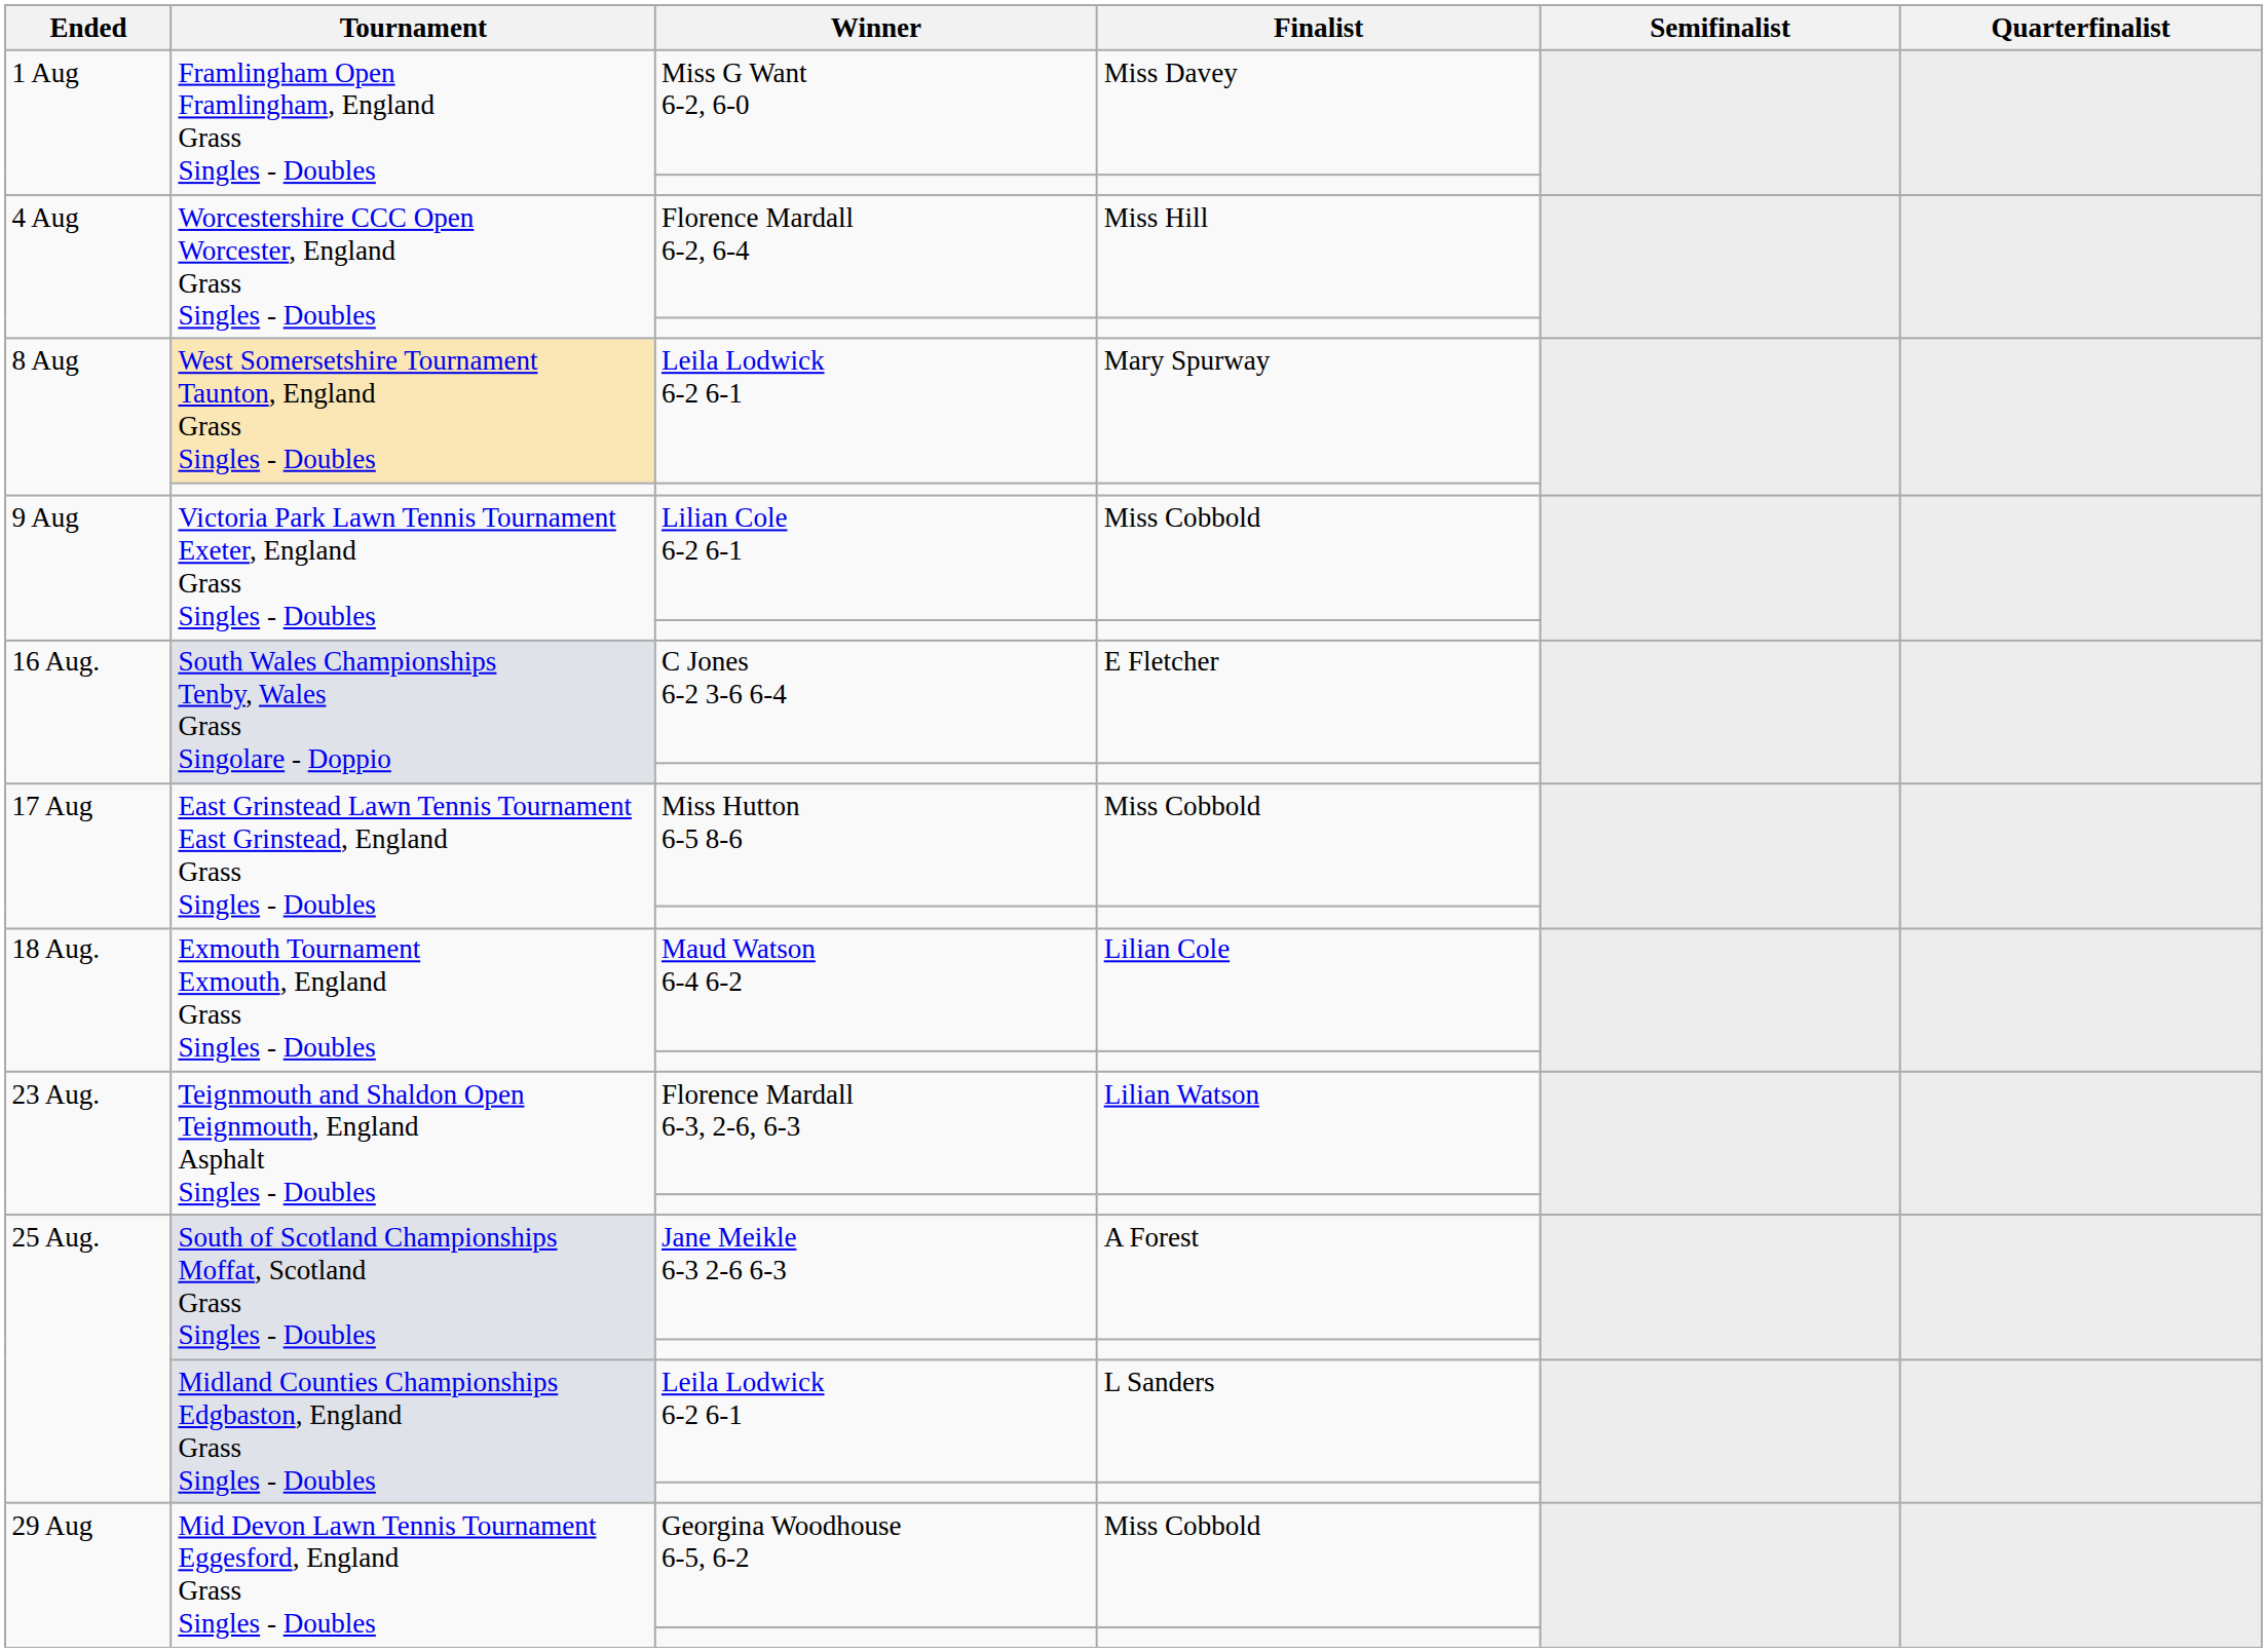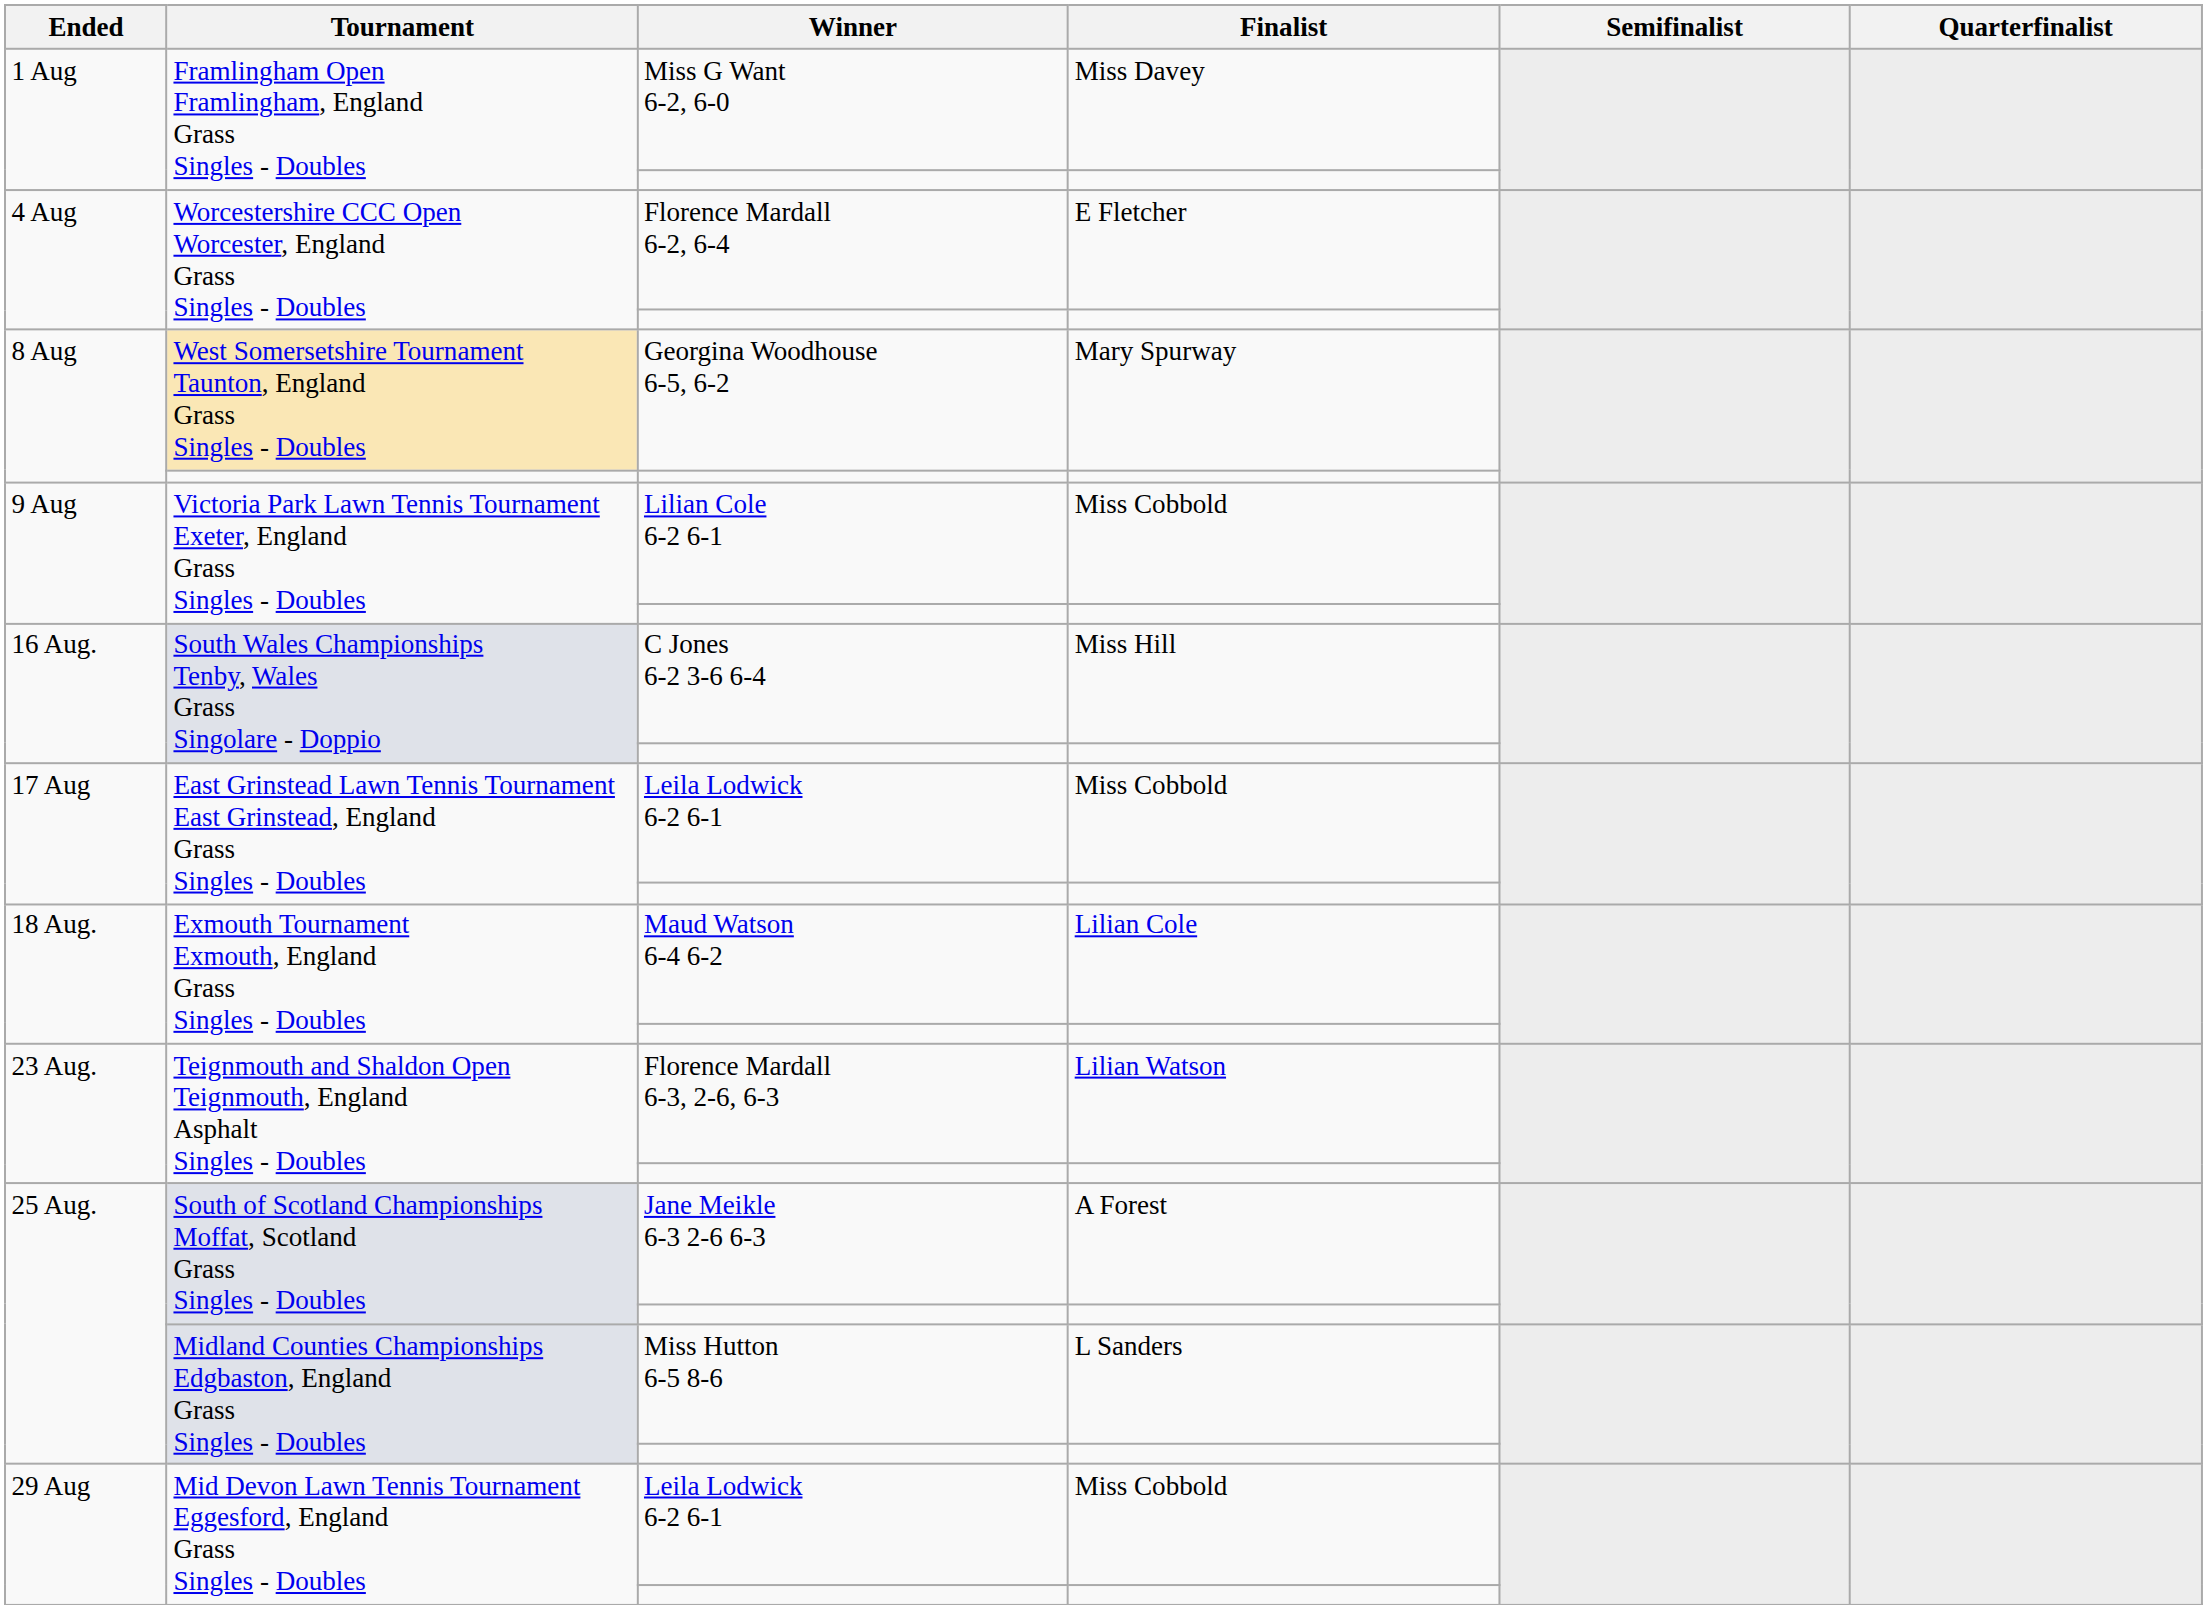 <table class="wikitable" style="font-size:85%;">
 <tr>
 <th width="75">Ended</th>
 <th width="230">Tournament</th>
 <th width="210">Winner</th>
 <th width="210">Finalist</th>
 <th width="170">Semifinalist</th>
 <th width="170">Quarterfinalist</th>
 </tr>
 <tr valign=top>
 <td rowspan=2>1 Aug</td>
 <td rowspan=2><a href='#'>Framlingham Open</a><br><a href='#'>Framlingham</a>, England<br>Grass<br><a href='#'>Singles</a> - <a href='#'>Doubles</a></td>
 <td> Miss G Want<br>6-2, 6-0</td>
 <td> Miss Davey</td>
 <td style="background:#ededed;" rowspan=2></td>
 <td style="background:#ededed;" rowspan=2></td>
 </tr>
 <tr valign=top>
 <td></td>
 <td></td>
 </tr>
 <tr valign=top>
 <td rowspan=2>4 Aug</td>
 <td rowspan=2><a href='#'>Worcestershire CCC Open</a><br><a href='#'>Worcester</a>, England<br>Grass<br><a href='#'>Singles</a> - <a href='#'>Doubles</a></td>
 <td> Florence Mardall<br>6-2, 6-4</td>
-<td> Miss Hill</td>
+<td> E Fletcher</td>
 <td style="background:#ededed;" rowspan=2></td>
 <td style="background:#ededed;" rowspan=2></td>
 </tr>
 <tr valign=top>
 <td></td>
 <td></td>
 </tr>
 <tr valign=top>
 <td rowspan=2>8 Aug</td>
 <td style="background:#fae7b5"><a href='#'>West Somersetshire Tournament</a><br><a href='#'>Taunton</a>, England<br>Grass<br><a href='#'>Singles</a> - <a href='#'>Doubles</a></td>
-<td> <a href='#'>Leila Lodwick</a><br>6-2 6-1</td>
+<td> Georgina Woodhouse<br>6-5, 6-2</td>
 <td> Mary Spurway</td>
 <td style="background:#ededed;" rowspan=2></td>
 <td style="background:#ededed;" rowspan=2></td>
 </tr>
 <tr valign=top>
 <td></td>
 <td></td>
 </tr>
 <tr valign=top>
 <td rowspan=2>9 Aug</td>
 <td rowspan=2><a href='#'>Victoria Park Lawn Tennis Tournament</a><br><a href='#'>Exeter</a>, England<br>Grass<br><a href='#'>Singles</a> - <a href='#'>Doubles</a></td>
 <td> <a href='#'>Lilian Cole</a><br>6-2 6-1</td>
 <td> Miss Cobbold</td>
 <td style="background:#ededed;" rowspan=2></td>
 <td style="background:#ededed;" rowspan=2></td>
 </tr>
 <tr valign=top>
 <td></td>
 <td></td>
 </tr>
 <tr valign=top>
 <td rowspan=2>16 Aug.</td>
 <td style="background:#dfe2e9"  rowspan=2><a href='#'>South Wales Championships</a> <br><a href='#'>Tenby</a>, <a href='#'>Wales</a><br>Grass<br><a href='#'>Singolare</a> - <a href='#'>Doppio</a></td>
 <td> C Jones<br>6-2 3-6 6-4</td>
-<td> E Fletcher</td>
+<td> Miss Hill</td>
 <td style="background:#ededed;" rowspan=2></td>
 <td style="background:#ededed;" rowspan=2></td>
 </tr>
 <tr valign=top>
 <td></td>
 <td></td>
 </tr>
 <tr valign=top>
 <td rowspan=2>17 Aug</td>
 <td rowspan=2><a href='#'>East Grinstead Lawn Tennis Tournament</a><br><a href='#'>East Grinstead</a>, England<br>Grass<br><a href='#'>Singles</a> - <a href='#'>Doubles</a></td>
-<td> Miss Hutton<br>6-5 8-6</td>
+<td> <a href='#'>Leila Lodwick</a><br>6-2 6-1</td>
 <td> Miss Cobbold</td>
 <td style="background:#ededed;" rowspan=2></td>
 <td style="background:#ededed;" rowspan=2></td>
 </tr>
 <tr valign=top>
 <td></td>
 <td></td>
 </tr>
 <tr valign=top>
 <td rowspan=2>18 Aug.</td>
 <td rowspan=2><a href='#'>Exmouth Tournament</a><br><a href='#'>Exmouth</a>, England<br>Grass<br><a href='#'>Singles</a> - <a href='#'>Doubles</a></td>
 <td> <a href='#'>Maud Watson</a><br>6-4 6-2</td>
 <td> <a href='#'>Lilian Cole</a></td>
 <td style="background:#ededed;" rowspan=2></td>
 <td style="background:#ededed;" rowspan=2></td>
 </tr>
 <tr valign=top>
 <td></td>
 <td></td>
 </tr>
 <tr valign=top>
 <td rowspan=2>23 Aug.</td>
 <td rowspan=2><a href='#'>Teignmouth and Shaldon Open</a><br><a href='#'>Teignmouth</a>, England<br>Asphalt<br><a href='#'>Singles</a> - <a href='#'>Doubles</a></td>
 <td> Florence Mardall<br>6-3, 2-6, 6-3</td>
 <td> <a href='#'>Lilian Watson</a></td>
 <td style="background:#ededed;" rowspan=2></td>
 <td style="background:#ededed;" rowspan=2></td>
 </tr>
 <tr valign=top>
 <td></td>
 <td></td>
 </tr>
 <tr valign=top>
 <td rowspan=4>25 Aug.</td>
 <td style="background:#dfe2e9" rowspan=2><a href='#'>South of Scotland Championships</a><br><a href='#'>Moffat</a>, Scotland<br>Grass<br><a href='#'>Singles</a> - <a href='#'>Doubles</a></td>
 <td> <a href='#'>Jane Meikle</a><br>6-3 2-6 6-3</td>
 <td> A Forest</td>
 <td style="background:#ededed;" rowspan=2></td>
 <td style="background:#ededed;" rowspan=2></td>
 </tr>
 <tr valign=top>
 <td></td>
 <td></td>
 </tr>
 <tr valign=top>
 <td style="background:#dfe2e9" rowspan=2><a href='#'>Midland Counties Championships</a><br><a href='#'>Edgbaston</a>, England<br>Grass<br><a href='#'>Singles</a> - <a href='#'>Doubles</a></td>
-<td> <a href='#'>Leila Lodwick</a><br>6-2 6-1</td>
+<td> Miss Hutton<br>6-5 8-6</td>
 <td> L Sanders</td>
 <td style="background:#ededed;" rowspan=2></td>
 <td style="background:#ededed;" rowspan=2></td>
 </tr>
 <tr valign=top>
 <td></td>
 <td></td>
 </tr>
 <tr valign=top>
 <td rowspan=2>29 Aug</td>
 <td rowspan=2><a href='#'>Mid Devon Lawn Tennis Tournament</a><br><a href='#'>Eggesford</a>, England<br>Grass<br><a href='#'>Singles</a> - <a href='#'>Doubles</a></td>
-<td> Georgina Woodhouse<br>6-5, 6-2</td>
+<td> <a href='#'>Leila Lodwick</a><br>6-2 6-1</td>
 <td> Miss Cobbold</td>
 <td style="background:#ededed;" rowspan=2></td>
 <td style="background:#ededed;" rowspan=2></td>
 </tr>
 <tr valign=top>
 <td></td>
 <td></td>
 </tr>
 <tr valign=top>
 </tr>
 </table>
